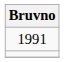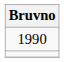 <table class="wikitable" style="margin: 0.5em auto; text-align: center;">
 <tr>
 <th colspan="1">Bruvno</th>
 </tr>
 <tr>
-<td>1991</td>
+<td>1990</td>
 </tr>
 <tr>
 <td></td>
 </tr>
 <tr>
 </tr>
 </table>
